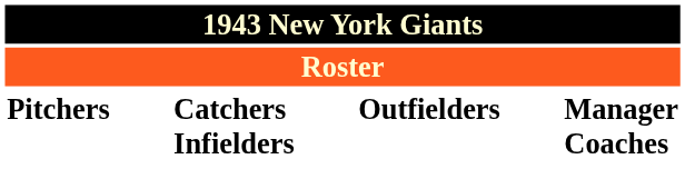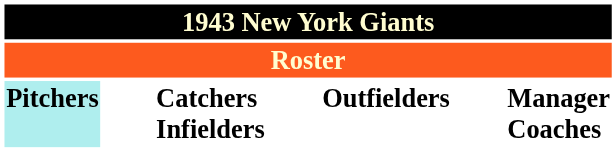 <table class="toccolours" style="font-size: 95%;">
 <tr>
 <th colspan="10" style="background-color: black; color: #FFFDD0; text-align: center;">1943 New York Giants</th>
 </tr>
 <tr>
 <td colspan="10" style="background-color: #fd5a1e; color: #FFFDD0; text-align: center;"><strong>Roster</strong></td>
 </tr>
 <tr>
-<td valign="top"><strong>Pitchers</strong><br>                </td>
+<td valign="top" style="background: paleturquoise;"><strong>Pitchers</strong><br>                </td>
 <td width="25px"></td>
 <td valign="top"><strong>Catchers</strong><br>     <strong>Infielders</strong>       </td>
 <td width="25px"></td>
 <td valign="top"><strong>Outfielders</strong><br>      </td>
 <td width="25px"></td>
 <td valign="top"><strong>Manager</strong><br> <strong>Coaches</strong>  </td>
 </tr>
 </table>
